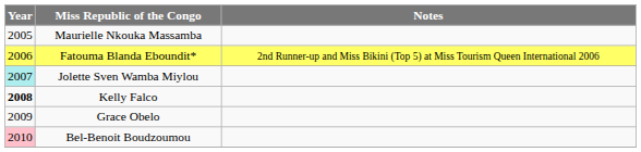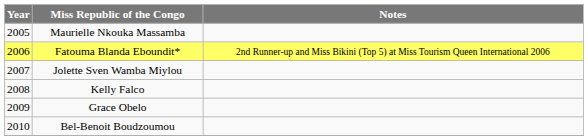 <table class="wikitable sortable" style="font-size: 95%; text-align:center">
 <tr>
 <th width="30" style="background-color:#787878;color:#FFFFFF;">Year</th>
 <th width="220" style="background-color:#787878;color:#FFFFFF;">Miss Republic of the Congo</th>
 <th width="500" style="background-color:#787878;color:#FFFFFF;">Notes</th>
 </tr>
 <tr>
 <td>2005</td>
 <td>Maurielle Nkouka Massamba</td>
 <td></td>
 </tr>
 <tr>
 <td style="background:#FFFF66;">2006</td>
 <td style="background:#FFFF66;">Fatouma Blanda Eboundit*</td>
 <td style="background:#FFFF66;"><small>2nd Runner-up and Miss Bikini (Top 5) at Miss Tourism Queen International 2006</small></td>
 </tr>
 <tr>
-<td style="background: paleturquoise;">2007</td>
+<td>2007</td>
 <td>Jolette Sven Wamba Miylou</td>
 <td></td>
 </tr>
 <tr>
-<td><strong>2008</strong></td>
+<td>2008</td>
 <td>Kelly Falco</td>
 <td></td>
 </tr>
 <tr>
 <td>2009</td>
 <td>Grace Obelo</td>
 <td></td>
 </tr>
 <tr>
-<td style="background: pink;">2010</td>
+<td>2010</td>
 <td>Bel-Benoit Boudzoumou</td>
 <td></td>
 </tr>
 <tr>
 </tr>
 </table>
